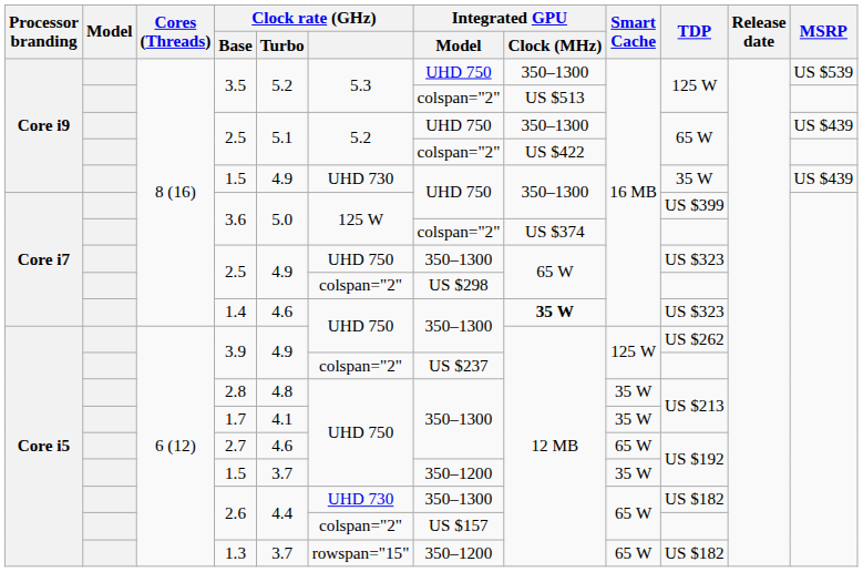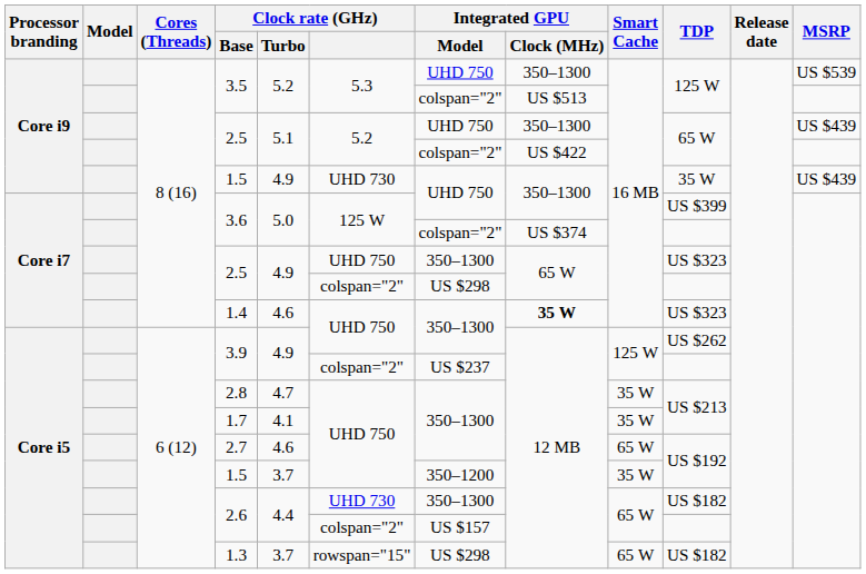 <table class="wikitable sortable nowrap" style="text-align: center;">
 <tr>
 <th class="unsortable" rowspan="2">Processor<br>branding</th>
 <th rowspan="2">Model</th>
 <th class="unsortable" rowspan="2"><a href='#'>Cores</a><br>(<a href='#'>Threads</a>)</th>
 <th colspan="3"><a href='#'>Clock rate</a> (GHz)</th>
 <th colspan="2">Integrated <a href='#'>GPU</a></th>
 <th class="unsortable" rowspan="2"><a href='#'>Smart<br>Cache</a></th>
 <th rowspan="2"><a href='#'>TDP</a></th>
 <th rowspan="2">Release<br>date</th>
 <th class="unsortable" rowspan="2"><a href='#'>MSRP</a></th>
 </tr>
 <tr>
 <th class="unsortable">Base</th>
 <th class="unsortable">Turbo</th>
 <th class="unsortable"></th>
 <th class="unsortable">Model</th>
 <th class="unsortable">Clock (MHz)</th>
 </tr>
 <tr>
 <th rowspan="5">Core i9</th>
 <th style="text-align:left;" data-sort-value="sku19"></th>
 <td rowspan="10">8 (16)</td>
 <td rowspan="2">3.5</td>
 <td rowspan="2">5.2</td>
 <td rowspan="2">5.3</td>
 <td><a href='#'>UHD 750</a></td>
 <td>350–1300</td>
 <td rowspan="10">16 MB</td>
 <td rowspan="2">125 W</td>
 <td rowspan="19"></td>
 <td>US $539</td>
 </tr>
 <tr>
 <th style="text-align:left;" data-sort-value="sku18"></th>
 <td>colspan="2" </td>
 <td>US $513</td>
 </tr>
 <tr>
 <th style="text-align:left;" data-sort-value="sku17"></th>
 <td rowspan="2">2.5</td>
 <td rowspan="2">5.1</td>
 <td rowspan="2">5.2</td>
 <td>UHD 750</td>
 <td>350–1300</td>
 <td rowspan="2">65 W</td>
 <td>US $439</td>
 </tr>
 <tr>
 <th style="text-align:left;" data-sort-value="sku16"></th>
 <td>colspan="2" </td>
 <td>US $422</td>
 </tr>
 <tr>
 <th style="text-align:left;" data-sort-value="sku15"></th>
 <td>1.5</td>
 <td>4.9</td>
 <td>UHD 730</td>
 <td rowspan="2">UHD 750</td>
 <td rowspan="2">350–1300</td>
 <td>35 W</td>
 <td>US $439</td>
 </tr>
 <tr>
 <th rowspan="5">Core i7</th>
 <th style="text-align:left;" data-sort-value="sku14"></th>
 <td rowspan="2">3.6</td>
 <td rowspan="2">5.0</td>
 <td rowspan="2">125 W</td>
 <td>US $399</td>
 </tr>
 <tr>
 <th style="text-align:left;" data-sort-value="sku13"></th>
 <td>colspan="2" </td>
 <td>US $374</td>
 </tr>
 <tr>
 <th style="text-align:left;" data-sort-value="sku12"></th>
 <td rowspan="2">2.5</td>
 <td rowspan="2">4.9</td>
 <td>UHD 750</td>
 <td>350–1300</td>
 <td rowspan="2">65 W</td>
 <td>US $323</td>
 </tr>
 <tr>
 <th style="text-align:left;" data-sort-value="sku11"></th>
 <td>colspan="2" </td>
 <td>US $298</td>
 </tr>
 <tr>
 <th style="text-align:left;" data-sort-value="sku10"></th>
 <td>1.4</td>
 <td>4.6</td>
 <td rowspan="2">UHD 750</td>
 <td rowspan="2">350–1300</td>
 <td><strong>35 W</strong></td>
 <td>US $323</td>
 </tr>
 <tr>
 <th rowspan="9">Core i5</th>
 <th style="text-align:left;" data-sort-value="sku9"></th>
 <td rowspan="9">6 (12)</td>
 <td rowspan="2">3.9</td>
 <td rowspan="2">4.9</td>
 <td rowspan="9">12 MB</td>
 <td rowspan="2">125 W</td>
 <td>US $262</td>
 </tr>
 <tr>
 <th style="text-align:left;" data-sort-value="sku8"></th>
 <td>colspan="2" </td>
 <td>US $237</td>
 </tr>
 <tr>
 <th style="text-align:left;" data-sort-value="sku7"></th>
 <td>2.8</td>
-<td>4.8</td>
+<td>4.7</td>
 <td rowspan="4">UHD 750</td>
 <td rowspan="3">350–1300</td>
 <td>35 W</td>
 <td rowspan="2">US $213</td>
 </tr>
 <tr>
 <th style="text-align:left;" data-sort-value="sku6"></th>
 <td>1.7</td>
 <td>4.1</td>
 <td>35 W</td>
 </tr>
 <tr>
 <th style="text-align:left;" data-sort-value="sku5"></th>
 <td>2.7</td>
 <td>4.6</td>
 <td>65 W</td>
 <td rowspan="2">US $192</td>
 </tr>
 <tr>
 <th style="text-align:left;" data-sort-value="sku4"></th>
 <td>1.5</td>
 <td>3.7</td>
 <td>350–1200</td>
 <td>35 W</td>
 </tr>
 <tr>
 <th style="text-align:left;" data-sort-value="sku3"></th>
 <td rowspan="2">2.6</td>
 <td rowspan="2">4.4</td>
 <td><a href='#'>UHD 730</a></td>
 <td>350–1300</td>
 <td rowspan="2">65 W</td>
 <td>US $182</td>
 </tr>
 <tr>
 <th style="text-align:left;" data-sort-value="sku2"></th>
 <td>colspan="2" </td>
 <td>US $157</td>
 </tr>
 <tr>
 <th style="text-align:left;" data-sort-value="sku1"></th>
 <td>1.3</td>
 <td>3.7</td>
 <td>rowspan="15" </td>
-<td>350–1200</td>
+<td>US $298</td>
 <td>65 W</td>
 <td>US $182</td>
 </tr>
 </table>
